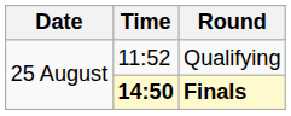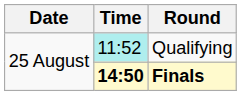 <table class="wikitable">
 <tr>
 <th>Date</th>
 <th>Time</th>
 <th>Round</th>
 </tr>
 <tr>
 <td rowspan=2>25 August</td>
-<td>11:52</td>
+<td style="background: paleturquoise;">11:52</td>
 <td>Qualifying</td>
 </tr>
 <tr style="background:lemonchiffon">
 <td><strong>14:50</strong></td>
 <td><strong>Finals</strong></td>
 </tr>
 </table>
